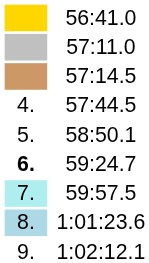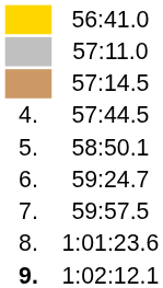 <table style="text-align:center">
 <tr>
 <td width=30 bgcolor=gold></td>
 <td align=left></td>
 <td width=60>56:41.0</td>
 </tr>
 <tr>
 <td bgcolor=silver></td>
 <td align=left></td>
 <td>57:11.0</td>
 </tr>
 <tr>
 <td bgcolor=cc9966></td>
 <td align=left></td>
 <td>57:14.5</td>
 </tr>
 <tr>
 <td>4.</td>
 <td align=left></td>
 <td>57:44.5</td>
 </tr>
 <tr>
 <td>5.</td>
 <td align=left></td>
 <td>58:50.1</td>
 </tr>
 <tr>
-<td><strong>6.</strong></td>
+<td>6.</td>
 <td align=left></td>
 <td>59:24.7</td>
 </tr>
 <tr>
-<td style="background: paleturquoise;">7.</td>
+<td>7.</td>
 <td align=left></td>
 <td>59:57.5</td>
 </tr>
 <tr>
-<td style="background: lightblue;">8.</td>
+<td>8.</td>
 <td align=left></td>
 <td>1:01:23.6</td>
 </tr>
 <tr>
-<td>9.</td>
+<td><strong>9.</strong></td>
 <td align=left></td>
 <td>1:02:12.1</td>
 </tr>
 </table>
